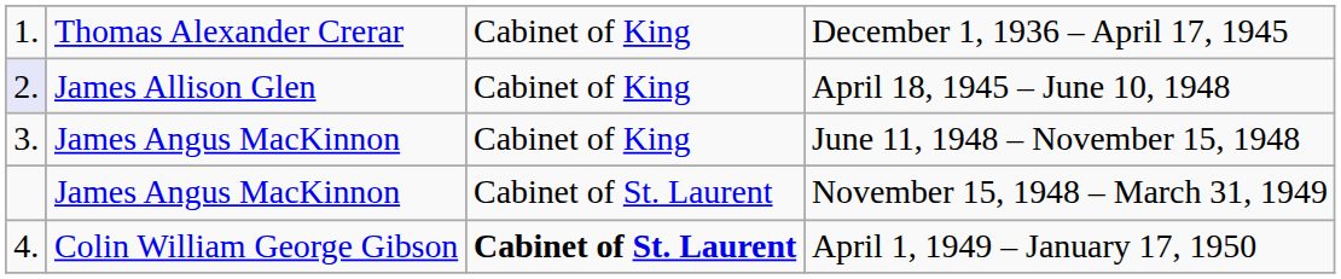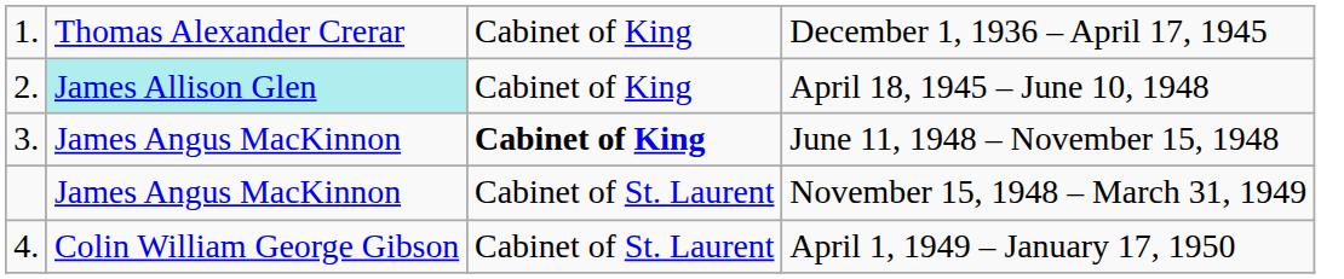 <table class="wikitable">
 <tr>
 <td>1.</td>
 <td><a href='#'>Thomas Alexander Crerar</a></td>
 <td>Cabinet of <a href='#'>King</a></td>
 <td>December 1, 1936 – April 17, 1945</td>
 </tr>
 <tr>
-<td style="background: lavender;">2.</td>
-<td><a href='#'>James Allison Glen</a></td>
+<td>2.</td>
+<td style="background: paleturquoise;"><a href='#'>James Allison Glen</a></td>
 <td>Cabinet of <a href='#'>King</a></td>
 <td>April 18, 1945 – June 10, 1948</td>
 </tr>
 <tr>
 <td>3.</td>
 <td><a href='#'>James Angus MacKinnon</a></td>
-<td>Cabinet of <a href='#'>King</a></td>
+<td><strong>Cabinet of <a href='#'>King</a></strong></td>
 <td>June 11, 1948 – November 15, 1948</td>
 </tr>
 <tr>
 <td></td>
 <td><a href='#'>James Angus MacKinnon</a></td>
 <td>Cabinet of <a href='#'>St. Laurent</a></td>
 <td>November 15, 1948 – March 31, 1949</td>
 </tr>
 <tr>
 <td>4.</td>
 <td><a href='#'>Colin William George Gibson</a></td>
-<td><strong>Cabinet of <a href='#'>St. Laurent</a></strong></td>
+<td>Cabinet of <a href='#'>St. Laurent</a></td>
 <td>April 1, 1949 – January 17, 1950</td>
 </tr>
 </table>
